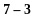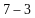 <table style="text-align:center">
 <tr>
 <th width=200></th>
 <th width=100></th>
 <th width=200></th>
 </tr>
 <tr>
 <td align=right><strong></strong></td>
-<td><strong>7 – 3</strong></td>
+<td>7 – 3</td>
 <td align=left></td>
 </tr>
 </table>
